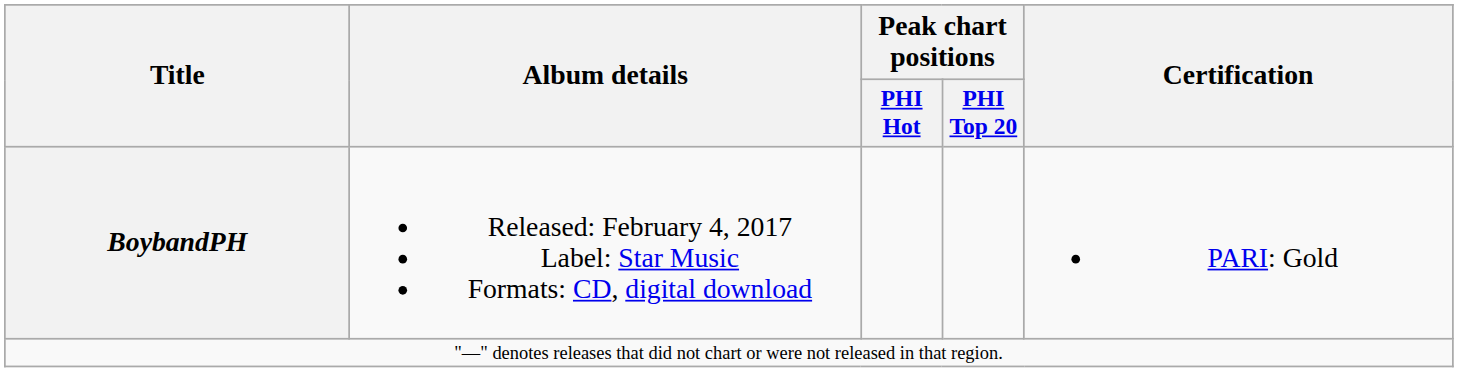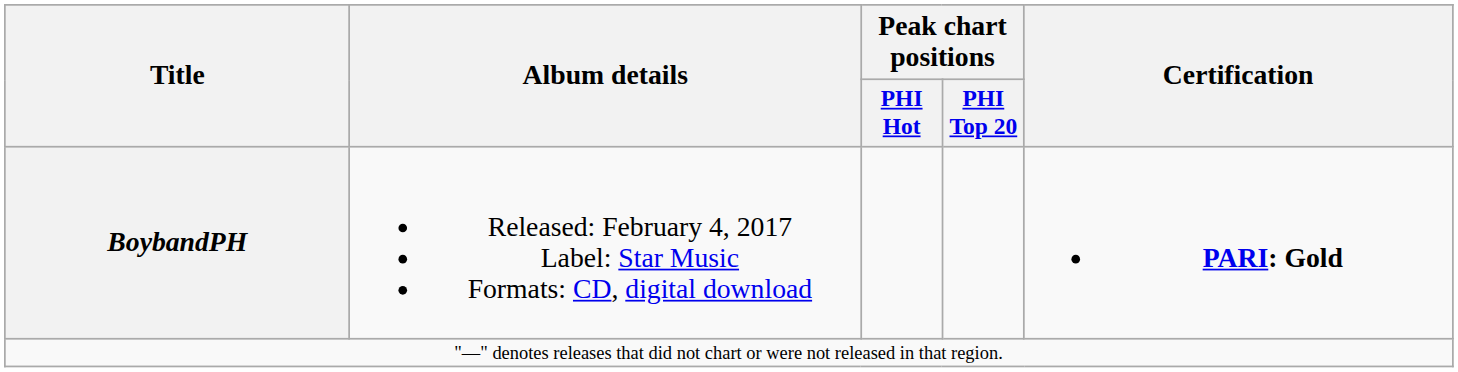 <table class="wikitable plainrowheaders" style="text-align:center;">
 <tr>
 <th scope="col" rowspan="2" style="width:12em;">Title</th>
 <th scope="col" rowspan="2" style="width:18em;">Album details</th>
 <th scope="col" colspan="2">Peak chart positions</th>
 <th scope="col" rowspan="2" style="width:15em;">Certification</th>
 </tr>
 <tr>
 <th scope="col" style="width:3em;font-size:85%;"><a href='#'>PHI<br>Hot</a></th>
 <th scope="col" style="width:3em;font-size:85%;"><a href='#'>PHI<br>Top 20</a></th>
 </tr>
 <tr>
 <th scope="row"><em>BoybandPH</em></th>
 <td><br><ul><li>Released: February 4, 2017</li><li>Label: <a href='#'>Star Music</a></li><li>Formats: <a href='#'>CD</a>, <a href='#'>digital download</a></li></ul></td>
 <td></td>
 <td></td>
-<td><br><ul><li><a href='#'>PARI</a>: Gold</li></ul></td>
+<td><strong><br><ul><li><a href='#'>PARI</a>: Gold</li></ul></strong></td>
 </tr>
 <tr>
 <td colspan="5" style="font-size:8pt">"—" denotes releases that did not chart or were not released in that region.</td>
 </tr>
 </table>
